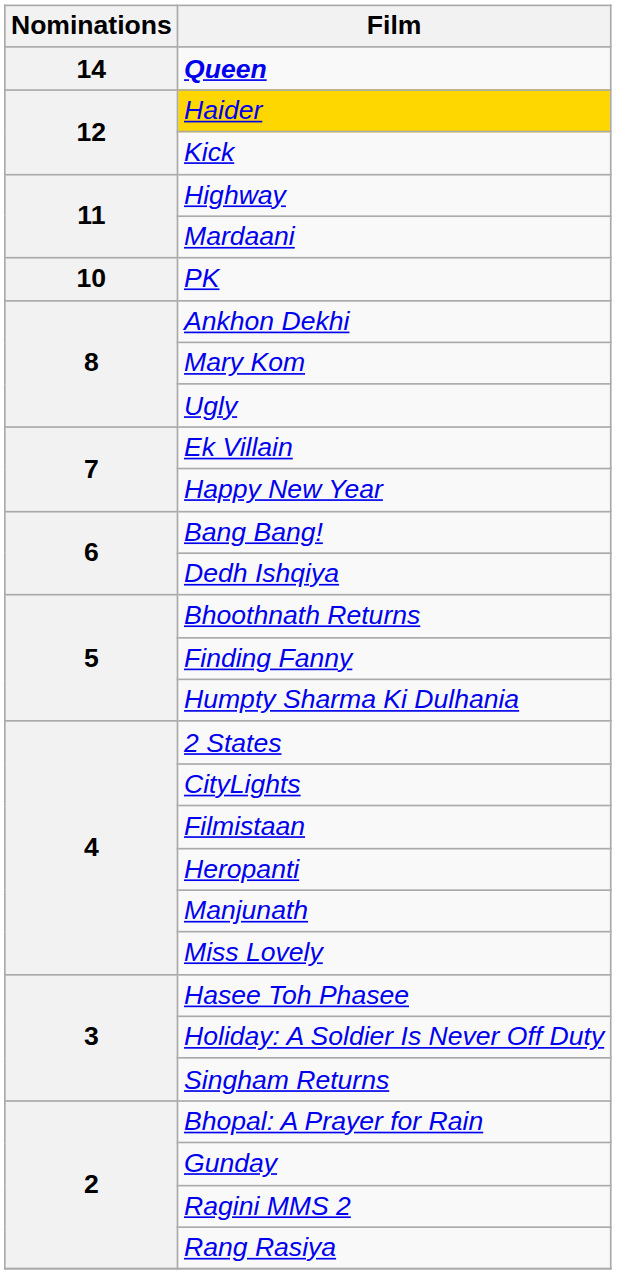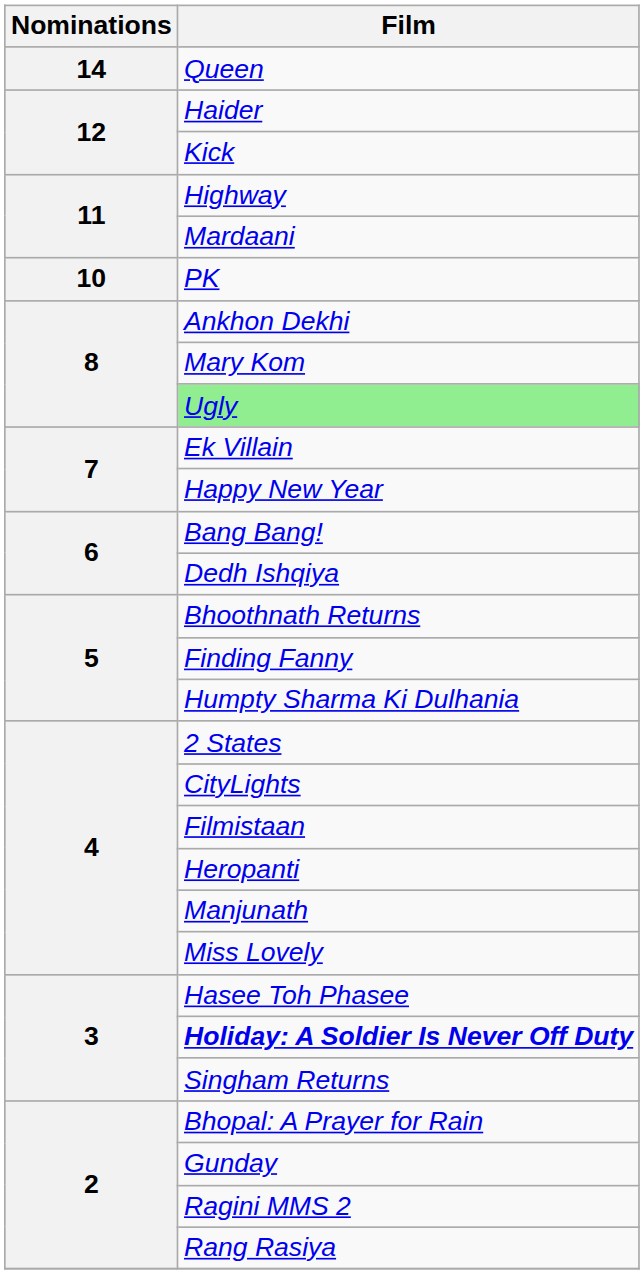 <table class="wikitable" style="display:inline-table;">
 <tr>
 <th>Nominations</th>
 <th>Film</th>
 </tr>
 <tr>
 <th>14</th>
-<td><strong><em><a href='#'>Queen</a></em></strong></td>
+<td><em><a href='#'>Queen</a></em></td>
 </tr>
 <tr>
 <th rowspan="2">12</th>
-<td style="background: gold;"><em><a href='#'>Haider</a></em></td>
+<td><em><a href='#'>Haider</a></em></td>
 </tr>
 <tr>
 <td><em><a href='#'>Kick</a></em></td>
 </tr>
 <tr>
 <th rowspan="2">11</th>
 <td><em><a href='#'>Highway</a></em></td>
 </tr>
 <tr>
 <td><em><a href='#'>Mardaani</a></em></td>
 </tr>
 <tr>
 <th>10</th>
 <td><em><a href='#'>PK</a></em></td>
 </tr>
 <tr>
 <th rowspan="3">8</th>
 <td><em><a href='#'>Ankhon Dekhi</a></em></td>
 </tr>
 <tr>
 <td><em><a href='#'>Mary Kom</a></em></td>
 </tr>
 <tr>
-<td><em><a href='#'>Ugly</a></em></td>
+<td style="background: lightgreen;"><em><a href='#'>Ugly</a></em></td>
 </tr>
 <tr>
 <th rowspan="2">7</th>
 <td><em><a href='#'>Ek Villain</a></em></td>
 </tr>
 <tr>
 <td><em><a href='#'>Happy New Year</a></em></td>
 </tr>
 <tr>
 <th rowspan="2">6</th>
 <td><em><a href='#'>Bang Bang!</a></em></td>
 </tr>
 <tr>
 <td><em><a href='#'>Dedh Ishqiya</a></em></td>
 </tr>
 <tr>
 <th rowspan="3">5</th>
 <td><em><a href='#'>Bhoothnath Returns</a></em></td>
 </tr>
 <tr>
 <td><em><a href='#'>Finding Fanny</a></em></td>
 </tr>
 <tr>
 <td><em><a href='#'>Humpty Sharma Ki Dulhania</a></em></td>
 </tr>
 <tr>
 <th rowspan="6">4</th>
 <td><em><a href='#'>2 States</a></em></td>
 </tr>
 <tr>
 <td><em><a href='#'>CityLights</a></em></td>
 </tr>
 <tr>
 <td><em><a href='#'>Filmistaan</a></em></td>
 </tr>
 <tr>
 <td><em><a href='#'>Heropanti</a></em></td>
 </tr>
 <tr>
 <td><em><a href='#'>Manjunath</a></em></td>
 </tr>
 <tr>
 <td><em><a href='#'>Miss Lovely</a></em></td>
 </tr>
 <tr>
 <th rowspan="3">3</th>
 <td><em><a href='#'>Hasee Toh Phasee</a></em></td>
 </tr>
 <tr>
-<td><em><a href='#'>Holiday: A Soldier Is Never Off Duty</a></em></td>
+<td><strong><em><a href='#'>Holiday: A Soldier Is Never Off Duty</a></em></strong></td>
 </tr>
 <tr>
 <td><em><a href='#'>Singham Returns</a></em></td>
 </tr>
 <tr>
 <th rowspan="4">2</th>
 <td><em><a href='#'>Bhopal: A Prayer for Rain</a></em></td>
 </tr>
 <tr>
 <td><em><a href='#'>Gunday</a></em></td>
 </tr>
 <tr>
 <td><em><a href='#'>Ragini MMS 2</a></em></td>
 </tr>
 <tr>
 <td><em><a href='#'>Rang Rasiya</a></em></td>
 </tr>
 <tr>
 </tr>
 </table>
